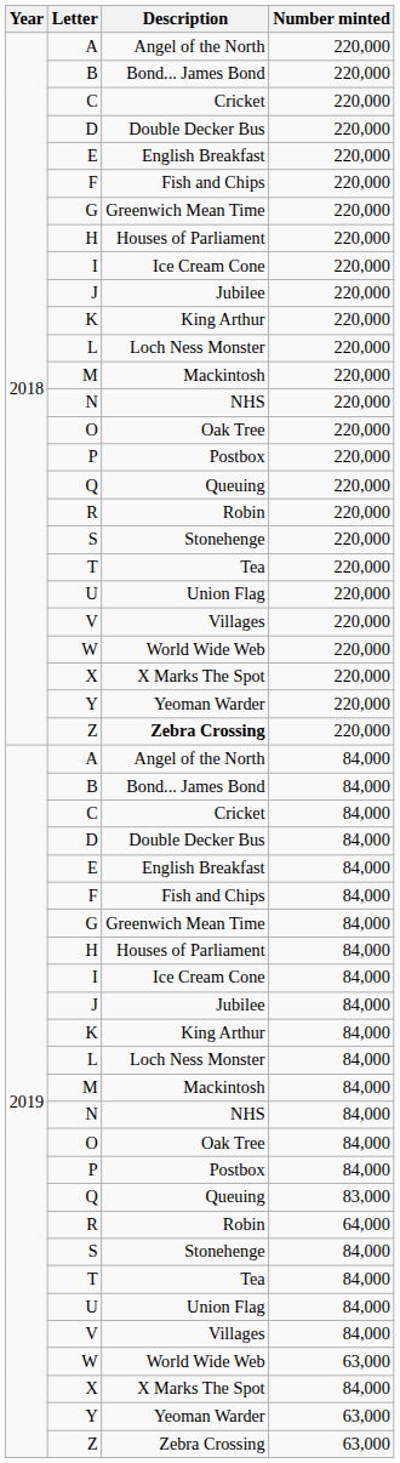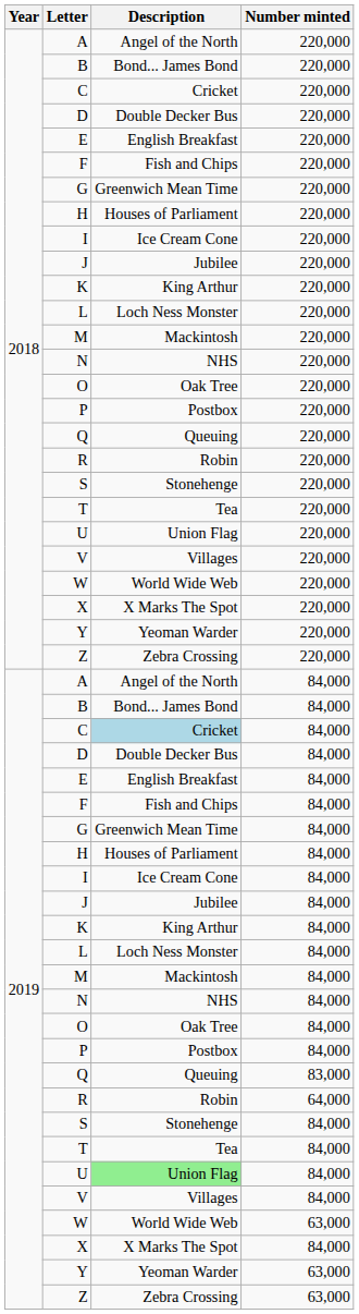 <table class="wikitable sortable" style="text-align: right;">
 <tr>
 <th>Year</th>
 <th>Letter</th>
 <th>Description</th>
 <th>Number minted</th>
 </tr>
 <tr>
 <td rowspan="26">2018</td>
 <td>A</td>
 <td>Angel of the North</td>
 <td>220,000</td>
 </tr>
 <tr>
 <td>B</td>
 <td>Bond... James Bond</td>
 <td>220,000</td>
 </tr>
 <tr>
 <td>C</td>
 <td>Cricket</td>
 <td>220,000</td>
 </tr>
 <tr>
 <td>D</td>
 <td>Double Decker Bus</td>
 <td>220,000</td>
 </tr>
 <tr>
 <td>E</td>
 <td>English Breakfast</td>
 <td>220,000</td>
 </tr>
 <tr>
 <td>F</td>
 <td>Fish and Chips</td>
 <td>220,000</td>
 </tr>
 <tr>
 <td>G</td>
 <td>Greenwich Mean Time</td>
 <td>220,000</td>
 </tr>
 <tr>
 <td>H</td>
 <td>Houses of Parliament</td>
 <td>220,000</td>
 </tr>
 <tr>
 <td>I</td>
 <td>Ice Cream Cone</td>
 <td>220,000</td>
 </tr>
 <tr>
 <td>J</td>
 <td>Jubilee</td>
 <td>220,000</td>
 </tr>
 <tr>
 <td>K</td>
 <td>King Arthur</td>
 <td>220,000</td>
 </tr>
 <tr>
 <td>L</td>
 <td>Loch Ness Monster</td>
 <td>220,000</td>
 </tr>
 <tr>
 <td>M</td>
 <td>Mackintosh</td>
 <td>220,000</td>
 </tr>
 <tr>
 <td>N</td>
 <td>NHS</td>
 <td>220,000</td>
 </tr>
 <tr>
 <td>O</td>
 <td>Oak Tree</td>
 <td>220,000</td>
 </tr>
 <tr>
 <td>P</td>
 <td>Postbox</td>
 <td>220,000</td>
 </tr>
 <tr>
 <td>Q</td>
 <td>Queuing</td>
 <td>220,000</td>
 </tr>
 <tr>
 <td>R</td>
 <td>Robin</td>
 <td>220,000</td>
 </tr>
 <tr>
 <td>S</td>
 <td>Stonehenge</td>
 <td>220,000</td>
 </tr>
 <tr>
 <td>T</td>
 <td>Tea</td>
 <td>220,000</td>
 </tr>
 <tr>
 <td>U</td>
 <td>Union Flag</td>
 <td>220,000</td>
 </tr>
 <tr>
 <td>V</td>
 <td>Villages</td>
 <td>220,000</td>
 </tr>
 <tr>
 <td>W</td>
 <td>World Wide Web</td>
 <td>220,000</td>
 </tr>
 <tr>
 <td>X</td>
 <td>X Marks The Spot</td>
 <td>220,000</td>
 </tr>
 <tr>
 <td>Y</td>
 <td>Yeoman Warder</td>
 <td>220,000</td>
 </tr>
 <tr>
 <td>Z</td>
-<td><strong>Zebra Crossing</strong></td>
+<td>Zebra Crossing</td>
 <td>220,000</td>
 </tr>
 <tr>
 <td rowspan="26">2019</td>
 <td>A</td>
 <td>Angel of the North</td>
 <td>84,000</td>
 </tr>
 <tr>
 <td>B</td>
 <td>Bond... James Bond</td>
 <td>84,000</td>
 </tr>
 <tr>
 <td>C</td>
-<td>Cricket</td>
+<td style="background: lightblue;">Cricket</td>
 <td>84,000</td>
 </tr>
 <tr>
 <td>D</td>
 <td>Double Decker Bus</td>
 <td>84,000</td>
 </tr>
 <tr>
 <td>E</td>
 <td>English Breakfast</td>
 <td>84,000</td>
 </tr>
 <tr>
 <td>F</td>
 <td>Fish and Chips</td>
 <td>84,000</td>
 </tr>
 <tr>
 <td>G</td>
 <td>Greenwich Mean Time</td>
 <td>84,000</td>
 </tr>
 <tr>
 <td>H</td>
 <td>Houses of Parliament</td>
 <td>84,000</td>
 </tr>
 <tr>
 <td>I</td>
 <td>Ice Cream Cone</td>
 <td>84,000</td>
 </tr>
 <tr>
 <td>J</td>
 <td>Jubilee</td>
 <td>84,000</td>
 </tr>
 <tr>
 <td>K</td>
 <td>King Arthur</td>
 <td>84,000</td>
 </tr>
 <tr>
 <td>L</td>
 <td>Loch Ness Monster</td>
 <td>84,000</td>
 </tr>
 <tr>
 <td>M</td>
 <td>Mackintosh</td>
 <td>84,000</td>
 </tr>
 <tr>
 <td>N</td>
 <td>NHS</td>
 <td>84,000</td>
 </tr>
 <tr>
 <td>O</td>
 <td>Oak Tree</td>
 <td>84,000</td>
 </tr>
 <tr>
 <td>P</td>
 <td>Postbox</td>
 <td>84,000</td>
 </tr>
 <tr>
 <td>Q</td>
 <td>Queuing</td>
 <td>83,000</td>
 </tr>
 <tr>
 <td>R</td>
 <td>Robin</td>
 <td>64,000</td>
 </tr>
 <tr>
 <td>S</td>
 <td>Stonehenge</td>
 <td>84,000</td>
 </tr>
 <tr>
 <td>T</td>
 <td>Tea</td>
 <td>84,000</td>
 </tr>
 <tr>
 <td>U</td>
-<td>Union Flag</td>
+<td style="background: lightgreen;">Union Flag</td>
 <td>84,000</td>
 </tr>
 <tr>
 <td>V</td>
 <td>Villages</td>
 <td>84,000</td>
 </tr>
 <tr>
 <td>W</td>
 <td>World Wide Web</td>
 <td>63,000</td>
 </tr>
 <tr>
 <td>X</td>
 <td>X Marks The Spot</td>
 <td>84,000</td>
 </tr>
 <tr>
 <td>Y</td>
 <td>Yeoman Warder</td>
 <td>63,000</td>
 </tr>
 <tr>
 <td>Z</td>
 <td>Zebra Crossing</td>
 <td>63,000</td>
 </tr>
 </table>
